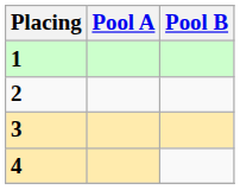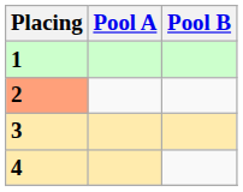 <table class=wikitable style="border:1px solid #AAAAAA;">
 <tr>
 <th>Placing</th>
 <th><a href='#'>Pool A</a></th>
 <th><a href='#'>Pool B</a></th>
 </tr>
 <tr style="background: #ccffcc;">
 <td><strong>1</strong></td>
 <td></td>
 <td></td>
 </tr>
 <tr>
-<td><strong>2</strong></td>
+<td style="background: lightsalmon;"><strong>2</strong></td>
 <td></td>
 <td></td>
 </tr>
 <tr style="background: #ffebad;">
 <td><strong>3</strong></td>
 <td></td>
 <td></td>
 </tr>
 <tr>
 <td style="background: #ffebad;"><strong>4</strong></td>
 <td style="background: #ffebad;"></td>
 <td> </td>
 </tr>
 <tr>
 </tr>
 </table>
